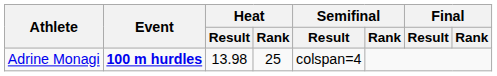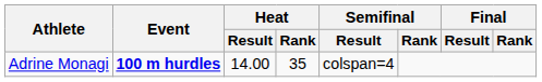 <table class=wikitable style=font-size:90%>
 <tr>
 <th rowspan=2>Athlete</th>
 <th rowspan=2>Event</th>
 <th colspan=2>Heat</th>
 <th colspan=2>Semifinal</th>
 <th colspan=2>Final</th>
 </tr>
 <tr style=font-size:95%>
 <th>Result</th>
 <th>Rank</th>
 <th>Result</th>
 <th>Rank</th>
 <th>Result</th>
 <th>Rank</th>
 </tr>
 <tr align=center>
 <td align=left><a href='#'>Adrine Monagi</a></td>
 <td align=left><strong><a href='#'>100 m hurdles</a></strong></td>
-<td>13.98</td>
-<td>25</td>
+<td>14.00</td>
+<td>35</td>
 <td>colspan=4 </td>
 </tr>
 </table>
